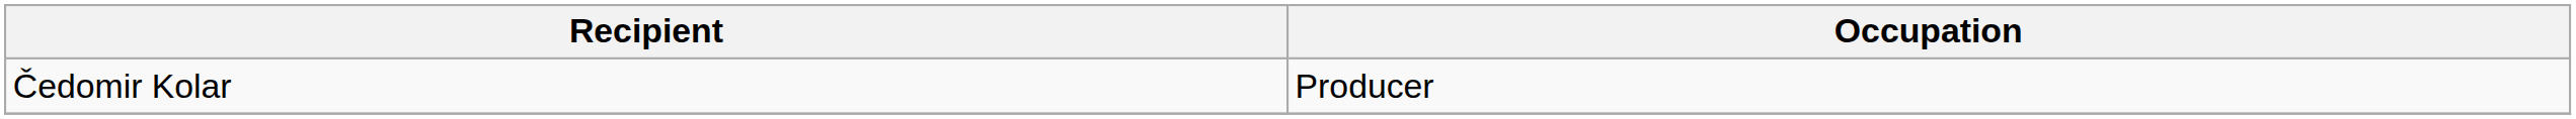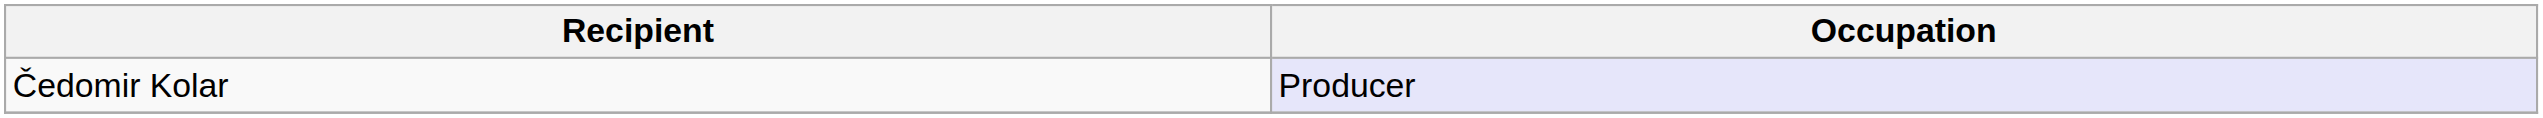 <table class="wikitable" width="95%" cellpadding="5">
 <tr>
 <th width="25%">Recipient</th>
 <th width="25%">Occupation</th>
 </tr>
 <tr>
 <td> Čedomir Kolar</td>
-<td>Producer</td>
+<td style="background: lavender;">Producer</td>
 </tr>
 <tr>
 </tr>
 </table>
